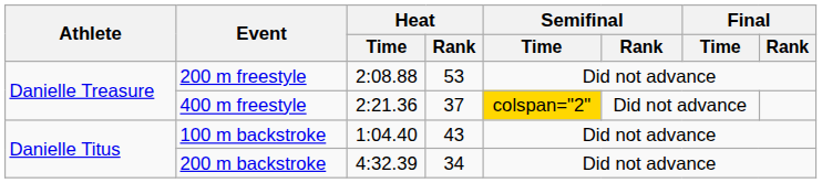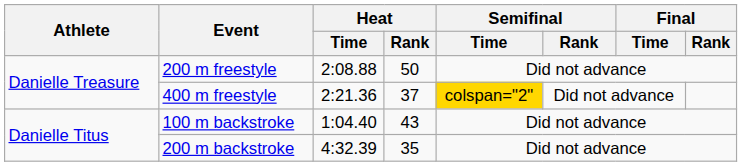 <table class="wikitable" style="text-align:center; font-size:90%; width:50%;">
 <tr>
 <th rowspan="2">Athlete</th>
 <th rowspan="2">Event</th>
 <th colspan="2">Heat</th>
 <th colspan="2">Semifinal</th>
 <th colspan="2">Final</th>
 </tr>
 <tr style="font-size:95%">
 <th>Time</th>
 <th>Rank</th>
 <th>Time</th>
 <th>Rank</th>
 <th>Time</th>
 <th>Rank</th>
 </tr>
 <tr>
 <td align=left rowspan=2><a href='#'>Danielle Treasure</a></td>
 <td align=left><a href='#'>200 m freestyle</a></td>
 <td>2:08.88</td>
-<td>53</td>
+<td>50</td>
 <td colspan=4>Did not advance</td>
 </tr>
 <tr>
 <td align=left><a href='#'>400 m freestyle</a></td>
 <td>2:21.36</td>
 <td>37</td>
 <td style="background: gold;">colspan="2" </td>
 <td colspan="2">Did not advance</td>
 </tr>
 <tr>
 <td align=left rowspan=2><a href='#'>Danielle Titus</a></td>
 <td align=left><a href='#'>100 m backstroke</a></td>
 <td>1:04.40</td>
 <td>43</td>
 <td colspan=4>Did not advance</td>
 </tr>
 <tr>
 <td align=left><a href='#'>200 m backstroke</a></td>
 <td>4:32.39</td>
-<td>34</td>
+<td>35</td>
 <td colspan=4>Did not advance</td>
 </tr>
 </table>
